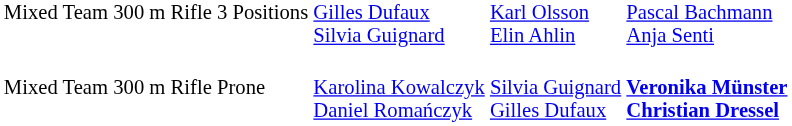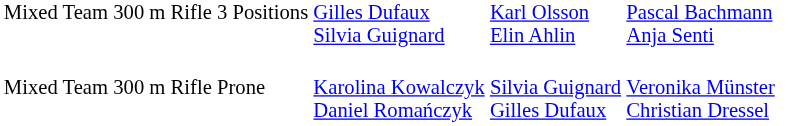 <table>
 <tr>
 <td>Mixed Team 300 m Rifle 3 Positions</td>
 <td><br><a href='#'>Gilles Dufaux</a><br><a href='#'>Silvia Guignard</a></td>
 <td><br><a href='#'>Karl Olsson</a><br><a href='#'>Elin Ahlin</a></td>
 <td><br><a href='#'>Pascal Bachmann</a><br><a href='#'>Anja Senti</a></td>
 </tr>
 <tr>
 <td>Mixed Team 300 m Rifle Prone</td>
 <td><br><a href='#'>Karolina Kowalczyk</a><br><a href='#'>Daniel Romańczyk</a></td>
 <td><br><a href='#'>Silvia Guignard</a><br><a href='#'>Gilles Dufaux</a></td>
-<td><strong><br><a href='#'>Veronika Münster</a><br><a href='#'>Christian Dressel</a></strong></td>
+<td><br><a href='#'>Veronika Münster</a><br><a href='#'>Christian Dressel</a></td>
 </tr>
 </table>
